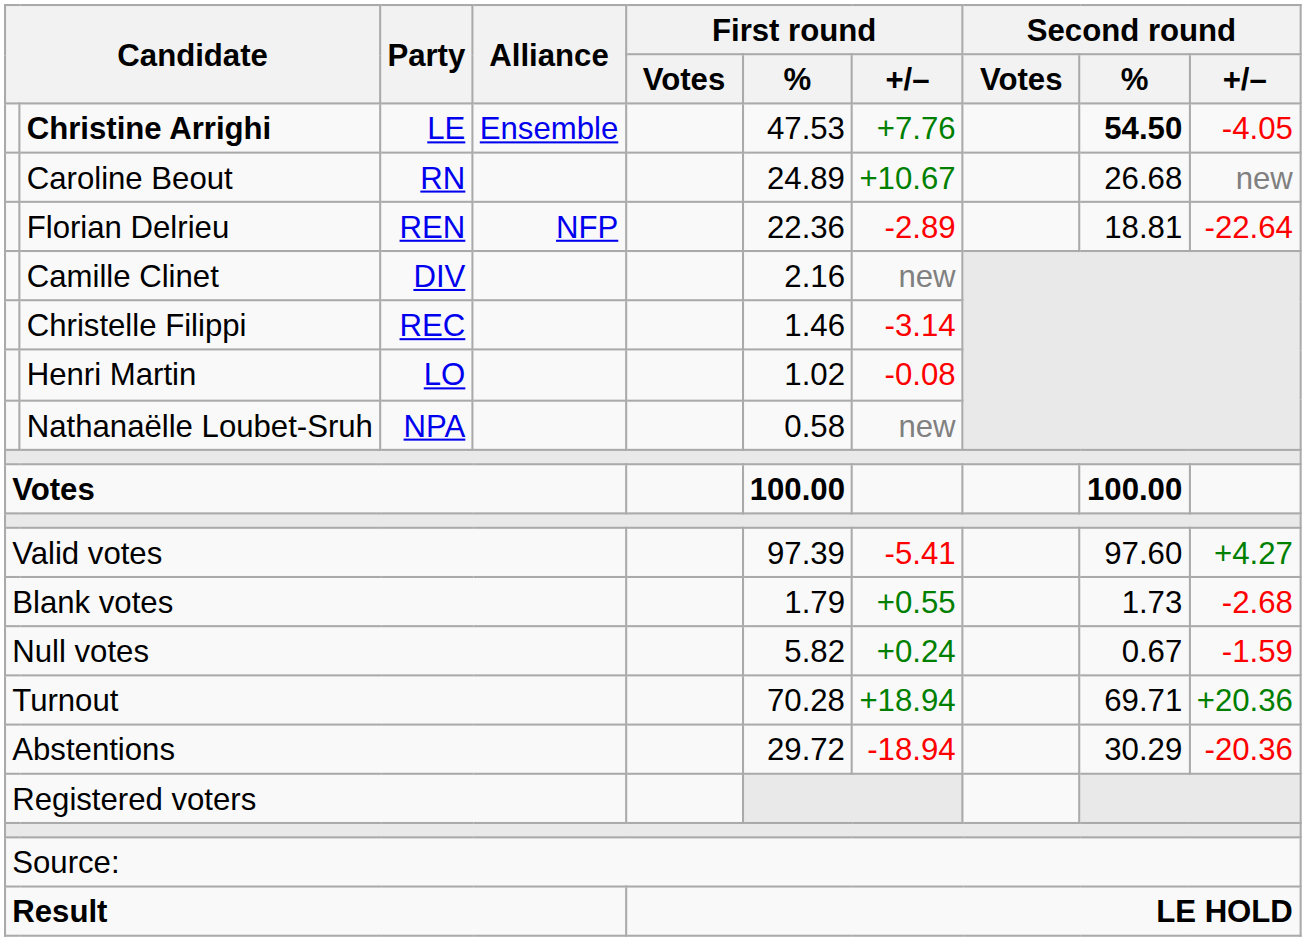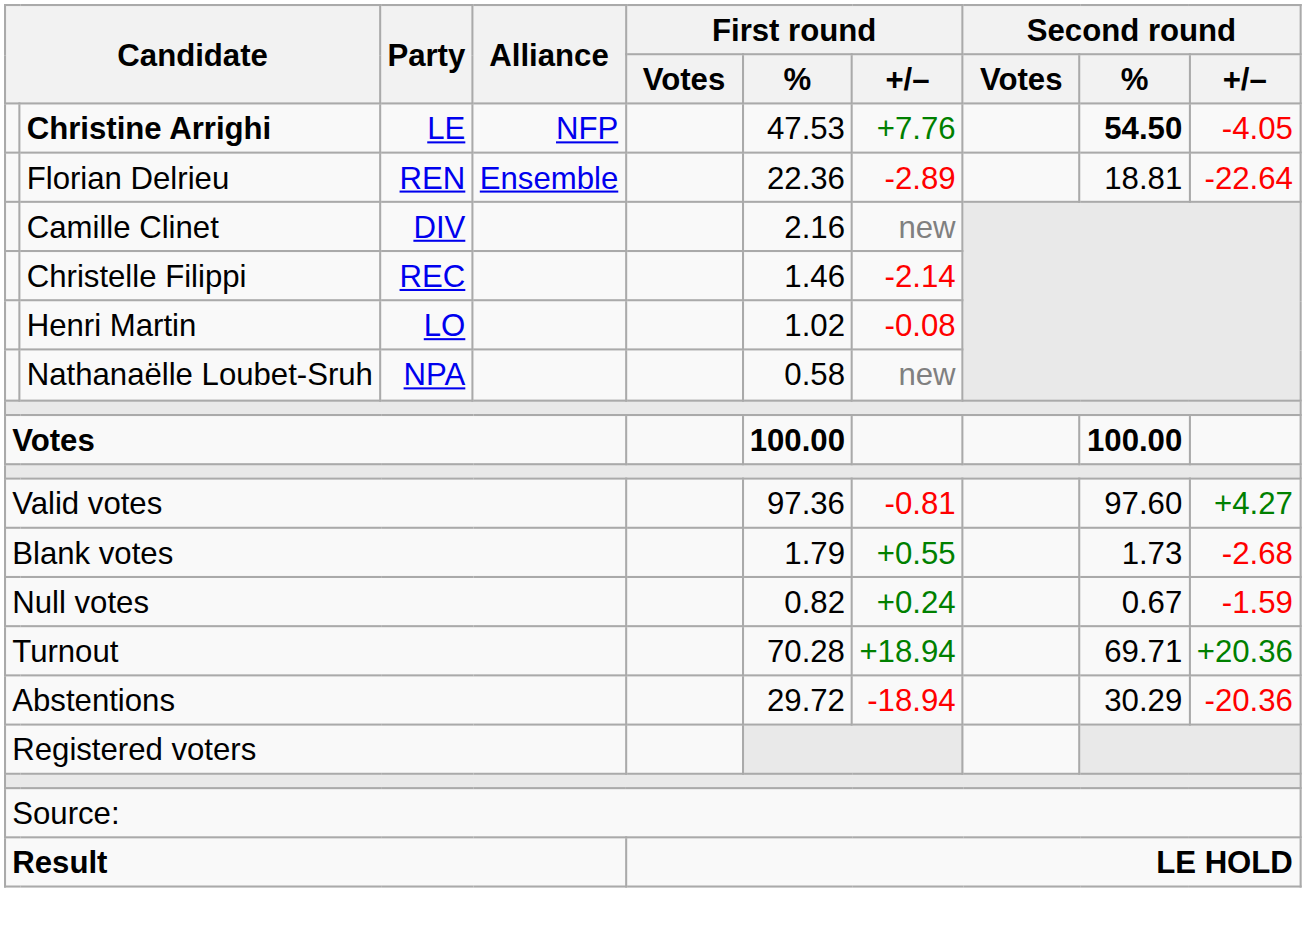 <table class="wikitable" style="text-align:right;font-size:95%;">
 <tr>
 <th rowspan="2" colspan="2">Candidate</th>
 <th colspan="1" rowspan="2">Party</th>
 <th colspan="1" rowspan="2">Alliance</th>
 <th colspan="3">First round</th>
 <th colspan="3">Second round</th>
 </tr>
 <tr>
 <th style="width:50px;">Votes</th>
 <th style="width:45px;">%</th>
 <th style="width:45px;">+/–</th>
 <th style="width:50px;">Votes</th>
 <th style="width:45px;">%</th>
 <th style="width:45px;">+/–</th>
 </tr>
 <tr>
 <td style="color:inherit;background:"></td>
 <td style="text-align:left;"><strong>Christine Arrighi</strong></td>
 <td><a href='#'>LE</a></td>
-<td><a href='#'>Ensemble</a></td>
+<td><a href='#'>NFP</a></td>
 <td></td>
 <td>47.53</td>
 <td style="color:green;">+7.76</td>
 <td><strong></strong></td>
 <td><strong>54.50</strong></td>
 <td style="color:red;">-4.05</td>
 </tr>
 <tr>
 <td style="color:inherit;background:"></td>
-<td style="text-align:left;">Caroline Beout</td>
-<td><a href='#'>RN</a></td>
-<td></td>
-<td></td>
-<td>24.89</td>
-<td style="color:green;">+10.67</td>
-<td></td>
-<td>26.68</td>
-<td style="color:grey;">new</td>
-</tr>
-<tr>
-<td style="color:inherit;background:"></td>
 <td style="text-align:left;">Florian Delrieu</td>
 <td><a href='#'>REN</a></td>
-<td><a href='#'>NFP</a></td>
+<td><a href='#'>Ensemble</a></td>
 <td></td>
 <td>22.36</td>
 <td style="color:red;">-2.89</td>
 <td></td>
 <td>18.81</td>
 <td style="color:red;">-22.64</td>
 </tr>
 <tr>
 <td style="color:inherit;background:"></td>
 <td style="text-align:left;">Camille Clinet</td>
 <td><a href='#'>DIV</a></td>
 <td></td>
 <td></td>
 <td>2.16</td>
 <td style="color:grey;">new</td>
 <td colspan="3" rowspan="4" style="background:#E9E9E9;"></td>
 </tr>
 <tr>
 <td style="color:inherit;background:"></td>
 <td style="text-align:left;">Christelle Filippi</td>
 <td><a href='#'>REC</a></td>
 <td></td>
 <td></td>
 <td>1.46</td>
-<td style="color:red;">-3.14</td>
+<td style="color:red;">-2.14</td>
 </tr>
 <tr>
 <td style="color:inherit;background:"></td>
 <td style="text-align:left;">Henri Martin</td>
 <td><a href='#'>LO</a></td>
 <td></td>
 <td></td>
 <td>1.02</td>
 <td style="color:red;">-0.08</td>
 </tr>
 <tr>
 <td style="color:inherit;background:"></td>
 <td style="text-align:left;">Nathanaëlle Loubet-Sruh</td>
 <td><a href='#'>NPA</a></td>
 <td></td>
 <td></td>
 <td>0.58</td>
 <td style="color:grey;">new</td>
 </tr>
 <tr>
 <td colspan="10" style="background:#E9E9E9;"></td>
 </tr>
 <tr style="font-weight:bold;">
 <td colspan="4" style="text-align:left;">Votes</td>
 <td></td>
 <td>100.00</td>
 <td></td>
 <td></td>
 <td>100.00</td>
 <td></td>
 </tr>
 <tr>
 <td colspan="10" style="background:#E9E9E9;"></td>
 </tr>
 <tr>
 <td colspan="4" style="text-align:left;">Valid votes</td>
 <td></td>
-<td>97.39</td>
-<td style="color:red;">-5.41</td>
+<td>97.36</td>
+<td style="color:red;">-0.81</td>
 <td></td>
 <td>97.60</td>
 <td style="color:green;">+4.27</td>
 </tr>
 <tr>
 <td colspan="4" style="text-align:left;">Blank votes</td>
 <td></td>
 <td>1.79</td>
 <td style="color:green;">+0.55</td>
 <td></td>
 <td>1.73</td>
 <td style="color:red;">-2.68</td>
 </tr>
 <tr>
 <td colspan="4" style="text-align:left;">Null votes</td>
 <td></td>
-<td>5.82</td>
+<td>0.82</td>
 <td style="color:green;">+0.24</td>
 <td></td>
 <td>0.67</td>
 <td style="color:red;">-1.59</td>
 </tr>
 <tr>
 <td colspan="4" style="text-align:left;">Turnout</td>
 <td></td>
 <td>70.28</td>
 <td style="color:green;">+18.94</td>
 <td></td>
 <td>69.71</td>
 <td style="color:green;">+20.36</td>
 </tr>
 <tr>
 <td colspan="4" style="text-align:left;">Abstentions</td>
 <td></td>
 <td>29.72</td>
 <td style="color:red;">-18.94</td>
 <td></td>
 <td>30.29</td>
 <td style="color:red;">-20.36</td>
 </tr>
 <tr>
 <td colspan="4" style="text-align:left;">Registered voters</td>
 <td></td>
 <td colspan="2" style="background:#E9E9E9;"></td>
 <td></td>
 <td colspan="2" style="background:#E9E9E9;"></td>
 </tr>
 <tr>
 <td colspan="10" style="background:#E9E9E9;"></td>
 </tr>
 <tr>
 <td colspan="10" style="text-align:left;">Source: </td>
 </tr>
 <tr style="font-weight:bold">
 <td colspan="4" style="text-align:left;">Result</td>
 <td colspan="6" style="background-color:">LE HOLD</td>
 </tr>
 </table>
